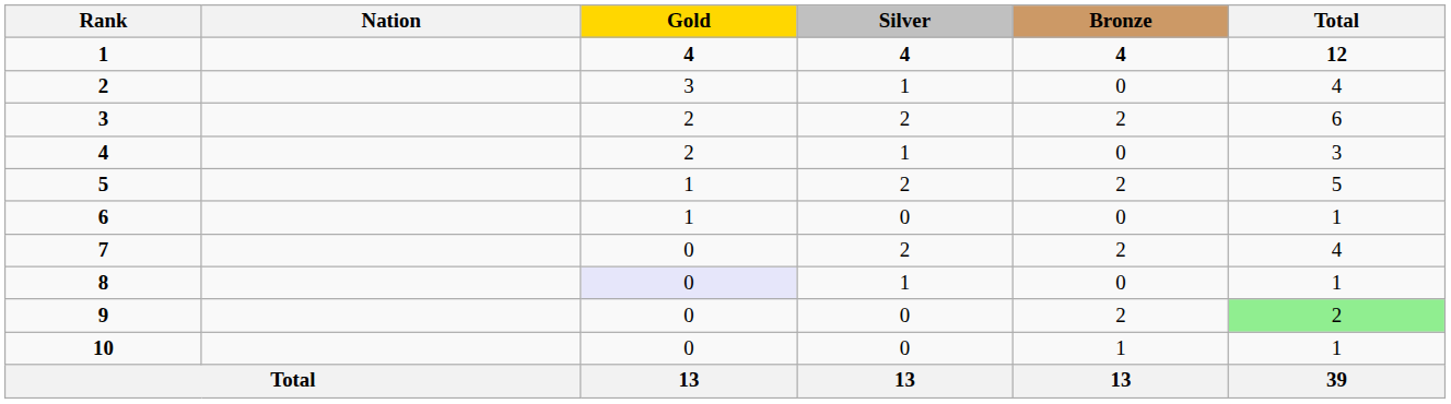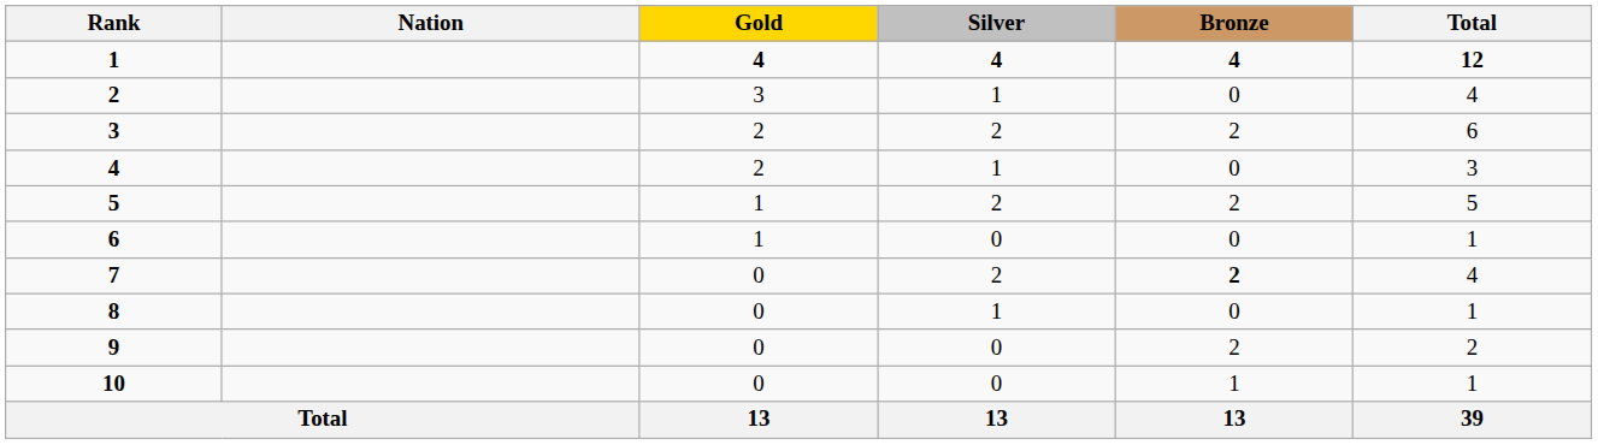 <table class="wikitable collapsible autocollapse plainrowheaders" width=70.5% style="text-align:center;">
 <tr style="background-color:#EDEDED;">
 <th width=100px class="hintergrundfarbe5">Rank</th>
 <th width=200px class="hintergrundfarbe6">Nation</th>
 <th style="background:    gold; width:15%">Gold</th>
 <th style="background:  silver; width:15%">Silver</th>
 <th style="background: #CC9966; width:15%">Bronze</th>
 <th class="hintergrundfarbe6" style="width:15%">Total</th>
 </tr>
 <tr>
 <td><strong>1</strong></td>
 <td align=left></td>
 <td><strong>4</strong></td>
 <td><strong>4</strong></td>
 <td><strong>4</strong></td>
 <td><strong>12</strong></td>
 </tr>
 <tr>
 <td><strong>2</strong></td>
 <td align=left></td>
 <td>3</td>
 <td>1</td>
 <td>0</td>
 <td>4</td>
 </tr>
 <tr>
 <td><strong>3</strong></td>
 <td align=left></td>
 <td>2</td>
 <td>2</td>
 <td>2</td>
 <td>6</td>
 </tr>
 <tr>
 <td><strong>4</strong></td>
 <td align=left></td>
 <td>2</td>
 <td>1</td>
 <td>0</td>
 <td>3</td>
 </tr>
 <tr>
 <td><strong>5</strong></td>
 <td align=left></td>
 <td>1</td>
 <td>2</td>
 <td>2</td>
 <td>5</td>
 </tr>
 <tr>
 <td><strong>6</strong></td>
 <td align=left></td>
 <td>1</td>
 <td>0</td>
 <td>0</td>
 <td>1</td>
 </tr>
 <tr>
 <td><strong>7</strong></td>
 <td align=left></td>
 <td>0</td>
 <td>2</td>
-<td>2</td>
+<td><strong>2</strong></td>
 <td>4</td>
 </tr>
 <tr>
 <td><strong>8</strong></td>
 <td align=left></td>
-<td style="background: lavender;">0</td>
+<td>0</td>
 <td>1</td>
 <td>0</td>
 <td>1</td>
 </tr>
 <tr>
 <td><strong>9</strong></td>
 <td align=left></td>
 <td>0</td>
 <td>0</td>
 <td>2</td>
-<td style="background: lightgreen;">2</td>
+<td>2</td>
 </tr>
 <tr>
 <td><strong>10</strong></td>
 <td align=left></td>
 <td>0</td>
 <td>0</td>
 <td>1</td>
 <td>1</td>
 </tr>
 <tr>
 <th colspan=2>Total</th>
 <th>13</th>
 <th>13</th>
 <th>13</th>
 <th>39</th>
 </tr>
 </table>
